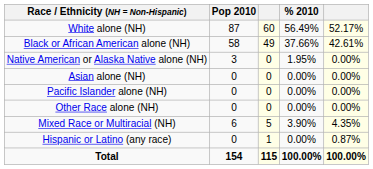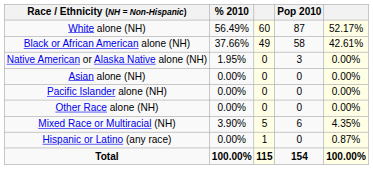 <table class="wikitable" style="text-align:center;">
 <tr>
 <th>Race / Ethnicity <small>(<em>NH = Non-Hispanic</em>)</small></th>
+<th>% 2010</th>
+<th></th>
 <th>Pop 2010</th>
-<th></th>
-<th>% 2010</th>
 <th></th>
 </tr>
 <tr>
 <td><a href='#'>White</a> alone (NH)</td>
+<td>56.49%</td>
+<td style='background: #ffffe6;'>60</td>
 <td>87</td>
-<td style='background: #ffffe6;'>60</td>
-<td>56.49%</td>
 <td style='background: #ffffe6;'>52.17%</td>
 </tr>
 <tr>
 <td><a href='#'>Black or African American</a> alone (NH)</td>
+<td>37.66%</td>
+<td style='background: #ffffe6;'>49</td>
 <td>58</td>
-<td style='background: #ffffe6;'>49</td>
-<td>37.66%</td>
 <td style='background: #ffffe6;'>42.61%</td>
 </tr>
 <tr>
 <td><a href='#'>Native American</a> or <a href='#'>Alaska Native</a> alone (NH)</td>
+<td>1.95%</td>
+<td style='background: #ffffe6;'>0</td>
 <td>3</td>
-<td style='background: #ffffe6;'>0</td>
-<td>1.95%</td>
 <td style='background: #ffffe6;'>0.00%</td>
 </tr>
 <tr>
 <td><a href='#'>Asian</a> alone (NH)</td>
+<td>0.00%</td>
+<td style='background: #ffffe6;'>0</td>
 <td>0</td>
-<td style='background: #ffffe6;'>0</td>
-<td>0.00%</td>
 <td style='background: #ffffe6;'>0.00%</td>
 </tr>
 <tr>
 <td><a href='#'>Pacific Islander</a> alone (NH)</td>
+<td>0.00%</td>
+<td style='background: #ffffe6;'>0</td>
 <td>0</td>
-<td style='background: #ffffe6;'>0</td>
-<td>0.00%</td>
 <td style='background: #ffffe6;'>0.00%</td>
 </tr>
 <tr>
 <td><a href='#'>Other Race</a> alone (NH)</td>
+<td>0.00%</td>
+<td style='background: #ffffe6;'>0</td>
 <td>0</td>
-<td style='background: #ffffe6;'>0</td>
-<td>0.00%</td>
 <td style='background: #ffffe6;'>0.00%</td>
 </tr>
 <tr>
 <td><a href='#'>Mixed Race or Multiracial</a> (NH)</td>
+<td>3.90%</td>
+<td style='background: #ffffe6;'>5</td>
 <td>6</td>
-<td style='background: #ffffe6;'>5</td>
-<td>3.90%</td>
 <td style='background: #ffffe6;'>4.35%</td>
 </tr>
 <tr>
 <td><a href='#'>Hispanic or Latino</a> (any race)</td>
+<td>0.00%</td>
+<td style='background: #ffffe6;'>1</td>
 <td>0</td>
-<td style='background: #ffffe6;'>1</td>
-<td>0.00%</td>
 <td style='background: #ffffe6;'>0.87%</td>
 </tr>
 <tr>
 <td><strong>Total</strong></td>
+<td><strong>100.00%</strong></td>
+<td style='background: #ffffe6;'><strong>115</strong></td>
 <td><strong>154</strong></td>
-<td style='background: #ffffe6;'><strong>115</strong></td>
-<td><strong>100.00%</strong></td>
 <td style='background: #ffffe6;'><strong>100.00%</strong></td>
 </tr>
 </table>
